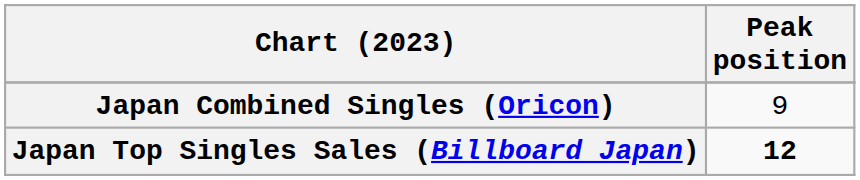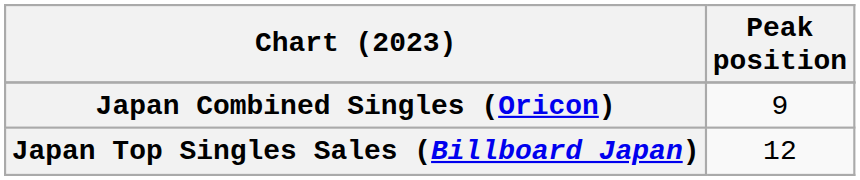 <table class="wikitable sortable plainrowheaders" style="text-align:center">
 <tr>
 <th scope="col">Chart (2023)</th>
 <th scope="col">Peak<br>position</th>
 </tr>
 <tr>
 </tr>
 <tr>
 <th scope="row">Japan Combined Singles (<a href='#'>Oricon</a>)</th>
 <td>9</td>
 </tr>
 <tr>
 <th scope="row">Japan Top Singles Sales (<em><a href='#'>Billboard Japan</a></em>)</th>
-<td><strong>12</strong></td>
+<td>12</td>
 </tr>
 </table>
